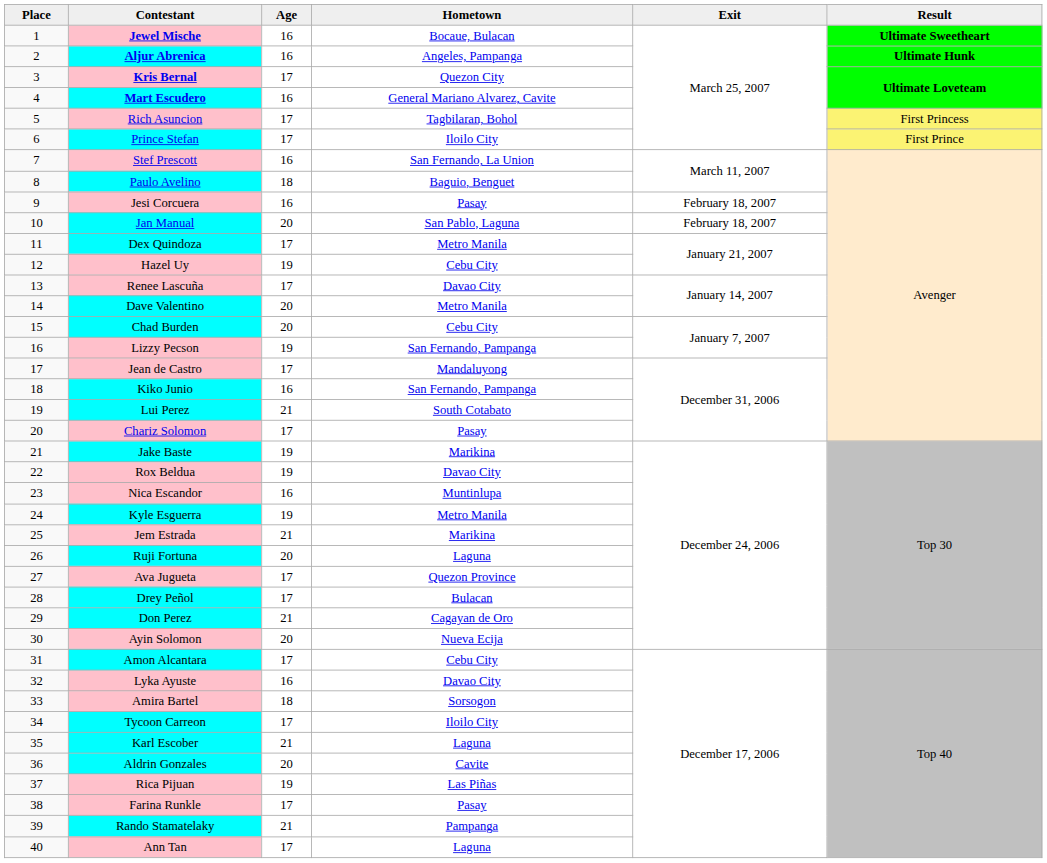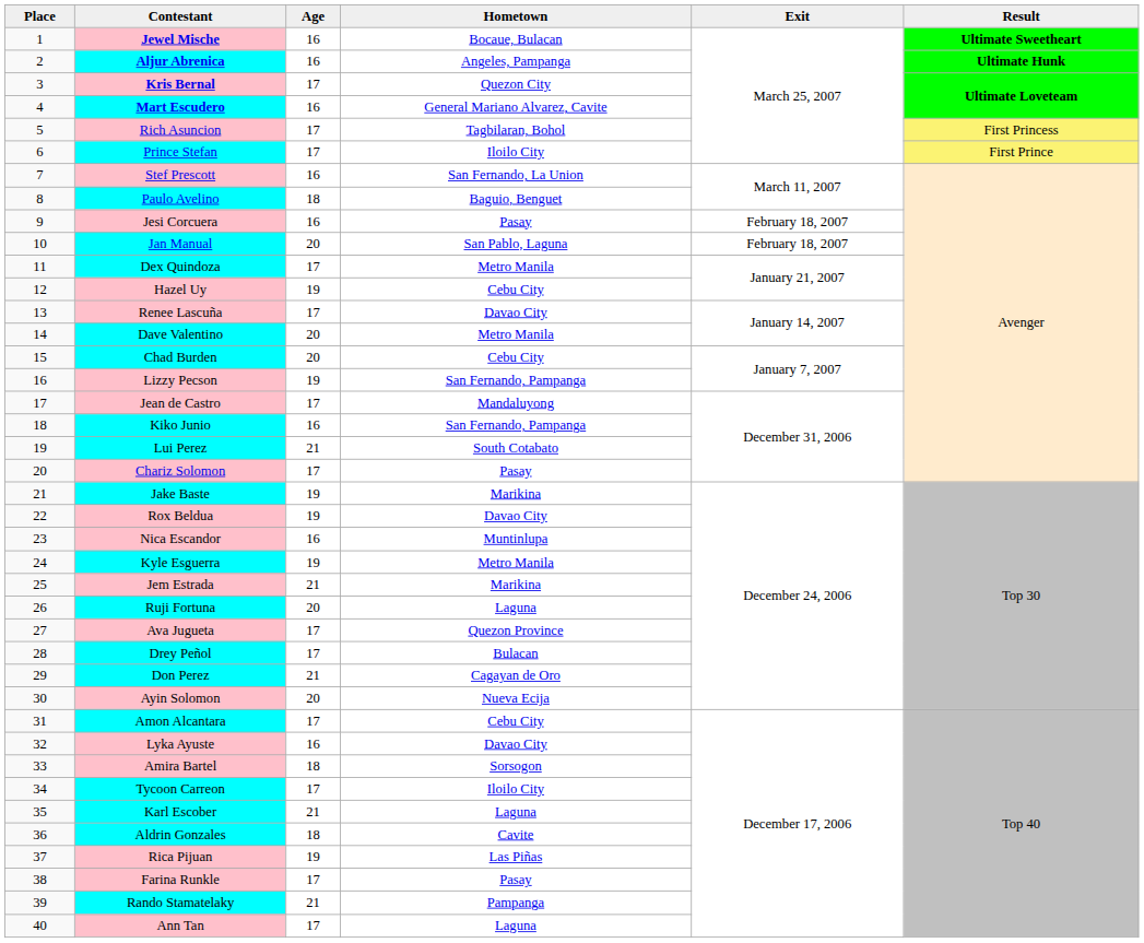 <table class="wikitable nowrap" style="text-align:center; font-size:95%;width:99%;">
 <tr>
 <th scope="col" style="background:#EFEFEF;">Place</th>
 <th scope="col" style="background:#EFEFEF;">Contestant</th>
 <th scope="col" style="background:#EFEFEF;">Age</th>
 <th scope="col" style="background:#EFEFEF;">Hometown</th>
 <th scope="col" style="background:#EFEFEF;">Exit</th>
 <th scope="col" style="background:#EFEFEF;">Result</th>
 </tr>
 <tr>
 <td>1</td>
 <td style="background:pink;"><strong><a href='#'>Jewel Mische</a></strong></td>
 <td style="background:#FFFFFF">16</td>
 <td style="background:#FFFFFF"><a href='#'>Bocaue, Bulacan</a></td>
 <td style="background:#FFFFFF" rowspan=6>March 25, 2007</td>
 <td style="background:lime"><strong>Ultimate Sweetheart</strong></td>
 </tr>
 <tr>
 <td>2</td>
 <td style="background:cyan;"><strong><a href='#'>Aljur Abrenica</a></strong></td>
 <td style="background:#FFFFFF">16</td>
 <td style="background:#FFFFFF"><a href='#'>Angeles, Pampanga</a></td>
 <td style="background:lime"><strong>Ultimate Hunk</strong></td>
 </tr>
 <tr>
 <td>3</td>
 <td style="background:pink;"><strong><a href='#'>Kris Bernal</a></strong></td>
 <td style="background:#FFFFFF">17</td>
 <td style="background:#FFFFFF"><a href='#'>Quezon City</a></td>
 <td style="background:lime" rowspan=2><strong>Ultimate Loveteam</strong></td>
 </tr>
 <tr>
 <td>4</td>
 <td style="background:cyan;"><strong><a href='#'>Mart Escudero</a></strong></td>
 <td style="background:#FFFFFF">16</td>
 <td style="background:#FFFFFF"><a href='#'>General Mariano Alvarez, Cavite</a></td>
 </tr>
 <tr>
 <td>5</td>
 <td style="background:pink;"><a href='#'>Rich Asuncion</a></td>
 <td style="background:#FFFFFF">17</td>
 <td style="background:#FFFFFF"><a href='#'>Tagbilaran, Bohol</a></td>
 <td style="background:#FBF373">First Princess</td>
 </tr>
 <tr>
 <td>6</td>
 <td style="background:cyan;"><a href='#'>Prince Stefan</a></td>
 <td style="background:#FFFFFF">17</td>
 <td style="background:#FFFFFF"><a href='#'>Iloilo City</a></td>
 <td style="background:#FBF373">First Prince</td>
 </tr>
 <tr>
 <td>7</td>
 <td style="background:pink;"><a href='#'>Stef Prescott</a></td>
 <td style="background:#FFFFFF">16</td>
 <td style="background:#FFFFFF"><a href='#'>San Fernando, La Union</a></td>
 <td style="background:#FFFFFF" rowspan=2>March 11, 2007</td>
 <td style="background:#FFEBCD" rowspan=14>Avenger</td>
 </tr>
 <tr>
 <td>8</td>
 <td style="background:cyan;"><a href='#'>Paulo Avelino</a></td>
 <td style="background:#FFFFFF">18</td>
 <td style="background:#FFFFFF"><a href='#'>Baguio, Benguet</a></td>
 </tr>
 <tr>
 <td>9</td>
 <td style="background:pink;">Jesi Corcuera</td>
 <td style="background:#FFFFFF">16</td>
 <td style="background:#FFFFFF"><a href='#'>Pasay</a></td>
 <td style="background:#FFFFFF">February 18, 2007</td>
 </tr>
 <tr>
 <td>10</td>
 <td style="background:cyan;"><a href='#'>Jan Manual</a></td>
 <td style="background:#FFFFFF">20</td>
 <td style="background:#FFFFFF"><a href='#'>San Pablo, Laguna</a></td>
 <td style="background:#FFFFFF">February 18, 2007</td>
 </tr>
 <tr>
 <td>11</td>
 <td style="background:cyan;">Dex Quindoza</td>
 <td style="background:#FFFFFF">17</td>
 <td style="background:#FFFFFF"><a href='#'>Metro Manila</a></td>
 <td style="background:#FFFFFF" rowspan=2>January 21, 2007</td>
 </tr>
 <tr>
 <td>12</td>
 <td style="background:pink;">Hazel Uy</td>
 <td style="background:#FFFFFF">19</td>
 <td style="background:#FFFFFF"><a href='#'>Cebu City</a></td>
 </tr>
 <tr>
 <td>13</td>
 <td style="background:pink">Renee Lascuña</td>
 <td style="background:#FFFFFF">17</td>
 <td style="background:#FFFFFF"><a href='#'>Davao City</a></td>
 <td style="background:#FFFFFF" rowspan=2>January 14, 2007</td>
 </tr>
 <tr>
 <td>14</td>
 <td style="background:cyan;">Dave Valentino</td>
 <td style="background:#FFFFFF">20</td>
 <td style="background:#FFFFFF"><a href='#'>Metro Manila</a></td>
 </tr>
 <tr>
 <td>15</td>
 <td style="background :cyan;">Chad Burden</td>
 <td style="background:#FFFFFF">20</td>
 <td style="background:#FFFFFF"><a href='#'>Cebu City</a></td>
 <td style="background:#FFFFFF" rowspan=2>January 7, 2007</td>
 </tr>
 <tr>
 <td>16</td>
 <td style="background:pink;">Lizzy Pecson</td>
 <td style="background:#FFFFFF">19</td>
 <td style="background:#FFFFFF"><a href='#'>San Fernando, Pampanga</a></td>
 </tr>
 <tr>
 <td>17</td>
 <td style="background:pink;">Jean de Castro</td>
 <td style="background:#FFFFFF">17</td>
 <td style="background:#FFFFFF"><a href='#'>Mandaluyong</a></td>
 <td style="background:#FFFFFF" rowspan=4>December 31, 2006</td>
 </tr>
 <tr>
 <td>18</td>
 <td style="background:cyan;">Kiko Junio</td>
 <td style="background:#FFFFFF">16</td>
 <td style="background:#FFFFFF"><a href='#'>San Fernando, Pampanga</a></td>
 </tr>
 <tr>
 <td>19</td>
 <td style="background:cyan;">Lui Perez</td>
 <td style="background:#FFFFFF">21</td>
 <td style="background:#FFFFFF"><a href='#'>South Cotabato</a></td>
 </tr>
 <tr>
 <td>20</td>
 <td style="background:pink;"><a href='#'>Chariz Solomon</a></td>
 <td style="background:#FFFFFF">17</td>
 <td style="background:#FFFFFF"><a href='#'>Pasay</a></td>
 </tr>
 <tr>
 <td>21</td>
 <td style="background:cyan;">Jake Baste</td>
 <td style="background:#FFFFFF">19</td>
 <td style="background:#FFFFFF"><a href='#'>Marikina</a></td>
 <td style="background:#FFFFFF" rowspan=10>December 24, 2006</td>
 <td style="background:silver" rowspan=10>Top 30</td>
 </tr>
 <tr>
 <td>22</td>
 <td style="background:pink;">Rox Beldua</td>
 <td style="background:#FFFFFF">19</td>
 <td style="background:#FFFFFF"><a href='#'>Davao City</a></td>
 </tr>
 <tr>
 <td>23</td>
 <td style="background:pink;">Nica Escandor</td>
 <td style="background:#FFFFFF">16</td>
 <td style="background:#FFFFFF"><a href='#'>Muntinlupa</a></td>
 </tr>
 <tr>
 <td>24</td>
 <td style="background:cyan;">Kyle Esguerra</td>
 <td style="background:#FFFFFF">19</td>
 <td style="background:#FFFFFF"><a href='#'>Metro Manila</a></td>
 </tr>
 <tr>
 <td>25</td>
 <td style="background:pink;">Jem Estrada</td>
 <td style="background:#FFFFFF">21</td>
 <td style="background:#FFFFFF"><a href='#'>Marikina</a></td>
 </tr>
 <tr>
 <td>26</td>
 <td style="background:cyan;">Ruji Fortuna</td>
 <td style="background:#FFFFFF">20</td>
 <td style="background:#FFFFFF"><a href='#'>Laguna</a></td>
 </tr>
 <tr>
 <td>27</td>
 <td style="background:pink">Ava Jugueta</td>
 <td style="background:#FFFFFF">17</td>
 <td style="background:#FFFFFF"><a href='#'>Quezon Province</a></td>
 </tr>
 <tr>
 <td>28</td>
 <td style="background:cyan;">Drey Peñol</td>
 <td style="background:#FFFFFF">17</td>
 <td style="background:#FFFFFF"><a href='#'>Bulacan</a></td>
 </tr>
 <tr>
 <td>29</td>
 <td style="background:cyan;">Don Perez</td>
 <td style="background:#FFFFFF">21</td>
 <td style="background:#FFFFFF"><a href='#'>Cagayan de Oro</a></td>
 </tr>
 <tr>
 <td>30</td>
 <td style="background:pink;">Ayin Solomon</td>
 <td style="background:#FFFFFF">20</td>
 <td style="background:#FFFFFF"><a href='#'>Nueva Ecija</a></td>
 </tr>
 <tr>
 <td>31</td>
 <td style="background:cyan;">Amon Alcantara</td>
 <td style="background:#FFFFFF">17</td>
 <td style="background:#FFFFFF"><a href='#'>Cebu City</a></td>
 <td style="background:#FFFFFF" rowspan=10>December 17, 2006</td>
 <td style="background:silver" rowspan=10>Top 40</td>
 </tr>
 <tr>
 <td>32</td>
 <td style="background:pink;">Lyka Ayuste</td>
 <td style="background:#FFFFFF">16</td>
 <td style="background:#FFFFFF"><a href='#'>Davao City</a></td>
 </tr>
 <tr>
 <td>33</td>
 <td style="background:pink;">Amira Bartel</td>
 <td style="background:#FFFFFF">18</td>
 <td style="background:#FFFFFF"><a href='#'>Sorsogon</a></td>
 </tr>
 <tr>
 <td>34</td>
 <td style="background:cyan;">Tycoon Carreon</td>
 <td style="background:#FFFFFF">17</td>
 <td style="background:#FFFFFF"><a href='#'>Iloilo City</a></td>
 </tr>
 <tr>
 <td>35</td>
 <td style="background:cyan;">Karl Escober</td>
 <td style="background:#FFFFFF">21</td>
 <td style="background:#FFFFFF"><a href='#'>Laguna</a></td>
 </tr>
 <tr>
 <td>36</td>
 <td style="background:cyan;">Aldrin Gonzales</td>
-<td style="background:#FFFFFF">20</td>
+<td style="background:#FFFFFF">18</td>
 <td style="background:#FFFFFF"><a href='#'>Cavite</a></td>
 </tr>
 <tr>
 <td>37</td>
 <td style="background:pink;">Rica Pijuan</td>
 <td style="background:#FFFFFF">19</td>
 <td style="background:#FFFFFF"><a href='#'>Las Piñas</a></td>
 </tr>
 <tr>
 <td>38</td>
 <td style="background:pink;">Farina Runkle</td>
 <td style="background:#FFFFFF">17</td>
 <td style="background:#FFFFFF"><a href='#'>Pasay</a></td>
 </tr>
 <tr>
 <td>39</td>
 <td style="background:cyan;">Rando Stamatelaky</td>
 <td style="background:#FFFFFF">21</td>
 <td style="background:#FFFFFF"><a href='#'>Pampanga</a></td>
 </tr>
 <tr>
 <td>40</td>
 <td style="background:pink;">Ann Tan</td>
 <td style="background:#FFFFFF">17</td>
 <td style="background:#FFFFFF"><a href='#'>Laguna</a></td>
 </tr>
 </table>
